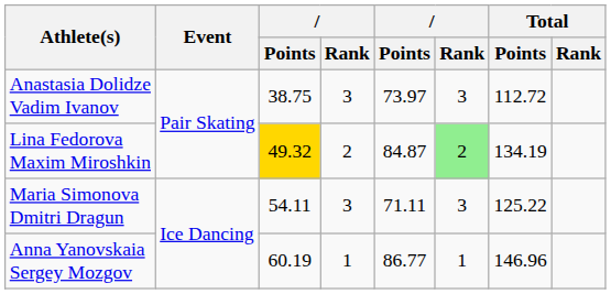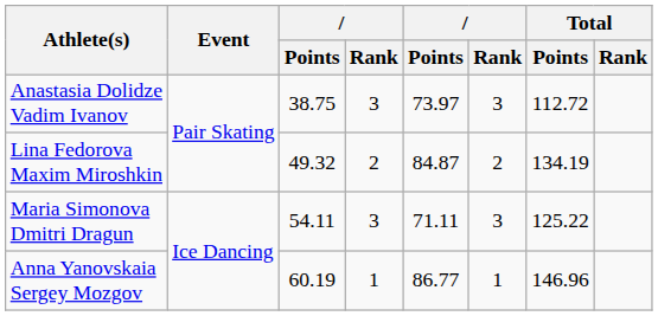 <table class="wikitable" style="font-size:90%; text-align:center;">
 <tr>
 <th rowspan=2>Athlete(s)</th>
 <th rowspan=2>Event</th>
 <th colspan=2>/</th>
 <th colspan=2>/</th>
 <th colspan=2>Total</th>
 </tr>
 <tr>
 <th>Points</th>
 <th>Rank</th>
 <th>Points</th>
 <th>Rank</th>
 <th>Points</th>
 <th>Rank</th>
 </tr>
 <tr>
 <td align=left><a href='#'>Anastasia Dolidze</a><br><a href='#'>Vadim Ivanov</a></td>
 <td rowspan=2 align=left><a href='#'>Pair Skating</a></td>
 <td>38.75</td>
 <td>3</td>
 <td>73.97</td>
 <td>3</td>
 <td>112.72</td>
 <td></td>
 </tr>
 <tr>
 <td align=left><a href='#'>Lina Fedorova</a><br><a href='#'>Maxim Miroshkin</a></td>
-<td style="background: gold;">49.32</td>
+<td>49.32</td>
 <td>2</td>
 <td>84.87</td>
-<td style="background: lightgreen;">2</td>
+<td>2</td>
 <td>134.19</td>
 <td></td>
 </tr>
 <tr>
 <td align=left><a href='#'>Maria Simonova</a><br><a href='#'>Dmitri Dragun</a></td>
 <td rowspan=2 align=left><a href='#'>Ice Dancing</a></td>
 <td>54.11</td>
 <td>3</td>
 <td>71.11</td>
 <td>3</td>
 <td>125.22</td>
 <td></td>
 </tr>
 <tr>
 <td align=left><a href='#'>Anna Yanovskaia</a><br><a href='#'>Sergey Mozgov</a></td>
 <td>60.19</td>
 <td>1</td>
 <td>86.77</td>
 <td>1</td>
 <td>146.96</td>
 <td></td>
 </tr>
 </table>
